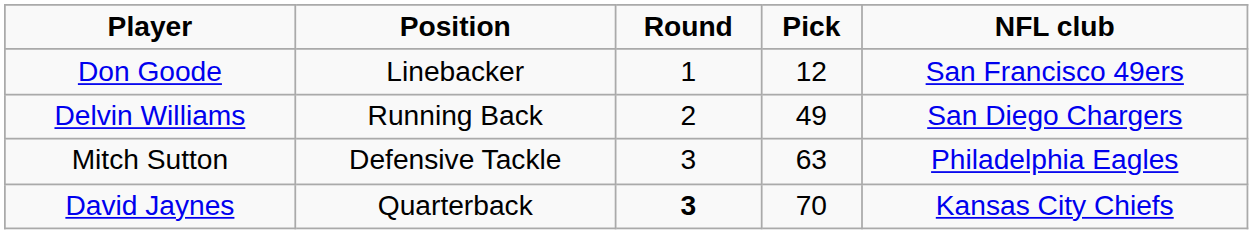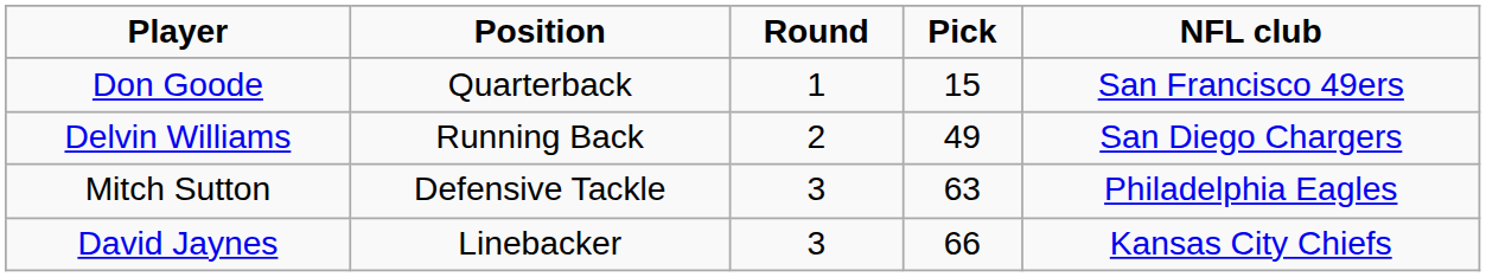 <table class="wikitable" width="80%">
 <tr align="center">
 <td><strong>Player</strong></td>
 <td><strong>Position</strong></td>
 <td><strong>Round</strong></td>
 <td><strong>Pick</strong></td>
 <td><strong>NFL club</strong></td>
 </tr>
 <tr align="center" bgcolor="">
 <td><a href='#'>Don Goode</a></td>
-<td>Linebacker</td>
+<td>Quarterback</td>
 <td>1</td>
-<td>12</td>
+<td>15</td>
 <td><a href='#'>San Francisco 49ers</a></td>
 </tr>
 <tr align="center" bgcolor="">
 <td><a href='#'>Delvin Williams</a></td>
 <td>Running Back</td>
 <td>2</td>
 <td>49</td>
 <td><a href='#'>San Diego Chargers</a></td>
 </tr>
 <tr align="center" bgcolor="">
 <td>Mitch Sutton</td>
 <td>Defensive Tackle</td>
 <td>3</td>
 <td>63</td>
 <td><a href='#'>Philadelphia Eagles</a></td>
 </tr>
 <tr align="center" bgcolor="">
 <td><a href='#'>David Jaynes</a></td>
-<td>Quarterback</td>
-<td><strong>3</strong></td>
-<td>70</td>
+<td>Linebacker</td>
+<td>3</td>
+<td>66</td>
 <td><a href='#'>Kansas City Chiefs</a></td>
 </tr>
 </table>
